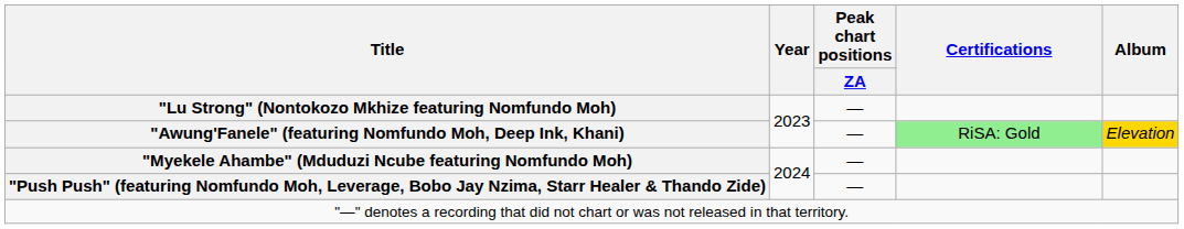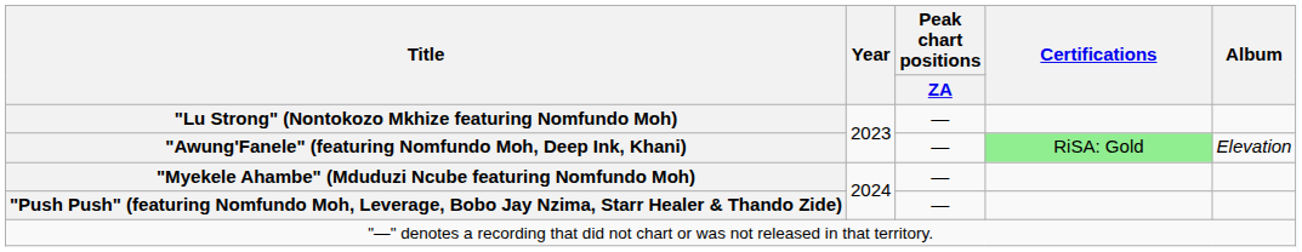 <table class="wikitable plainrowheaders" style="text-align:center;">
 <tr>
 <th scope="col" rowspan="2">Title</th>
 <th scope="col" rowspan="2">Year</th>
 <th scope="col" colspan="1">Peak chart positions</th>
 <th scope="col" rowspan="2" style="width:12em;"><a href='#'>Certifications</a></th>
 <th scope="col" rowspan="2">Album</th>
 </tr>
 <tr>
 <th scope="col" style="width:3em;font-size:100%;"><a href='#'>ZA</a><br></th>
 </tr>
 <tr>
 <th scope="row">"Lu Strong" (Nontokozo Mkhize featuring Nomfundo Moh)</th>
 <td rowspan=2>2023</td>
 <td>—</td>
 <td></td>
 <td></td>
 </tr>
 <tr>
 <th scope="row">"Awung'Fanele" (featuring Nomfundo Moh, Deep Ink, Khani)</th>
 <td>—</td>
 <td style="background: lightgreen;">RiSA: Gold</td>
-<td style="background: gold;"><em>Elevation</em></td>
+<td><em>Elevation</em></td>
 </tr>
 <tr>
 <th scope="row">"Myekele Ahambe" (Mduduzi Ncube featuring Nomfundo Moh)</th>
 <td rowspan=2>2024</td>
 <td>—</td>
 <td></td>
 <td></td>
 </tr>
 <tr>
 <th scope="row">"Push Push" (featuring Nomfundo Moh, Leverage, Bobo Jay Nzima, Starr Healer & Thando Zide)</th>
 <td>—</td>
 <td></td>
 <td></td>
 </tr>
 <tr>
 <td colspan="8" style="font-size:90%">"—" denotes a recording that did not chart or was not released in that territory.</td>
 </tr>
 </table>
